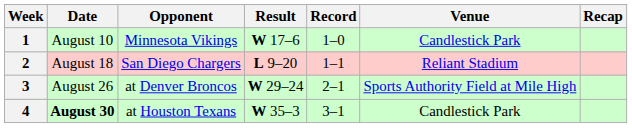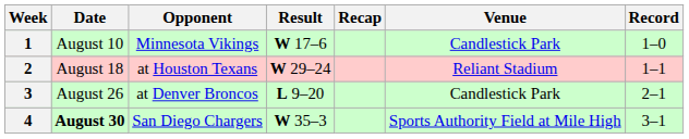 <table class="wikitable" style="text-align:center">
 <tr>
 <th>Week</th>
 <th>Date</th>
 <th>Opponent</th>
 <th>Result</th>
+<th>Recap</th>
+<th>Venue</th>
 <th>Record</th>
-<th>Venue</th>
-<th>Recap</th>
 </tr>
 <tr style="background:#cfc">
 <th>1</th>
 <td>August 10</td>
 <td><a href='#'>Minnesota Vikings</a></td>
 <td><strong>W</strong> 17–6</td>
+<td></td>
+<td><a href='#'>Candlestick Park</a></td>
 <td>1–0</td>
-<td><a href='#'>Candlestick Park</a></td>
-<td></td>
 </tr>
 <tr style="background:#fcc">
 <th>2</th>
 <td>August 18</td>
-<td><a href='#'>San Diego Chargers</a></td>
-<td><strong>L</strong> 9–20</td>
+<td>at <a href='#'>Houston Texans</a></td>
+<td><strong>W</strong> 29–24</td>
+<td></td>
+<td><a href='#'>Reliant Stadium</a></td>
 <td>1–1</td>
-<td><a href='#'>Reliant Stadium</a></td>
-<td></td>
 </tr>
 <tr style="background:#cfc">
 <th>3</th>
 <td>August 26</td>
 <td>at <a href='#'>Denver Broncos</a></td>
-<td><strong>W</strong> 29–24</td>
+<td><strong>L</strong> 9–20</td>
+<td></td>
+<td>Candlestick Park</td>
 <td>2–1</td>
-<td><a href='#'>Sports Authority Field at Mile High</a></td>
-<td></td>
 </tr>
 <tr style="background:#cfc">
 <th>4</th>
 <td><strong>August 30</strong></td>
-<td>at <a href='#'>Houston Texans</a></td>
+<td><a href='#'>San Diego Chargers</a></td>
 <td><strong>W</strong> 35–3</td>
+<td></td>
+<td><a href='#'>Sports Authority Field at Mile High</a></td>
 <td>3–1</td>
-<td>Candlestick Park</td>
-<td></td>
 </tr>
 </table>
